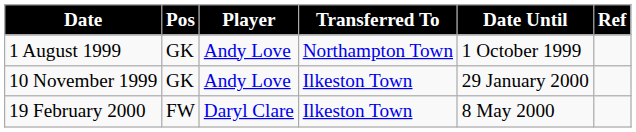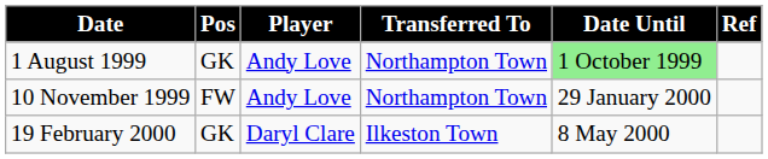 <table class="wikitable plainrowheaders sortable">
 <tr>
 <th style="background:#000000; color:#FFFFFF; ">Date</th>
 <th style="background:#000000; color:#FFFFff; ">Pos</th>
 <th style="background:#000000; color:#FFFFff; ">Player</th>
 <th style="background:#000000; color:#FFFFff; ">Transferred To</th>
 <th style="background:#000000; color:#FFFFff; ">Date Until</th>
 <th style="background:#000000; color:#FFFFff; ">Ref</th>
 </tr>
 <tr>
 <td>1 August 1999</td>
 <td>GK</td>
 <td> <a href='#'>Andy Love</a></td>
 <td> <a href='#'>Northampton Town</a></td>
-<td>1 October 1999</td>
+<td style="background: lightgreen;">1 October 1999</td>
 <td></td>
 </tr>
 <tr>
 <td>10 November 1999</td>
-<td>GK</td>
+<td>FW</td>
 <td> <a href='#'>Andy Love</a></td>
-<td> <a href='#'>Ilkeston Town</a></td>
+<td> <a href='#'>Northampton Town</a></td>
 <td>29 January 2000</td>
 <td></td>
 </tr>
 <tr>
 <td>19 February 2000</td>
-<td>FW</td>
+<td>GK</td>
 <td> <a href='#'>Daryl Clare</a></td>
 <td> <a href='#'>Ilkeston Town</a></td>
 <td>8 May 2000</td>
 </tr>
 </table>
